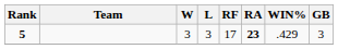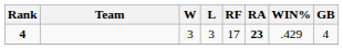 <table class=wikitable style=text-align:center>
 <tr>
 <th>Rank</th>
 <th width=170>Team</th>
 <th width=20>W</th>
 <th width=20>L</th>
 <th width=20>RF</th>
 <th width=20>RA</th>
 <th width=20>WIN%</th>
 <th width=20>GB</th>
 </tr>
 <tr>
-<td><strong>5</strong></td>
+<td><strong>4</strong></td>
 <td align=left></td>
 <td>3</td>
 <td>3</td>
 <td>17</td>
 <td><strong>23</strong></td>
 <td>.429</td>
-<td>3</td>
+<td>4</td>
 </tr>
 <tr>
 </tr>
 </table>
